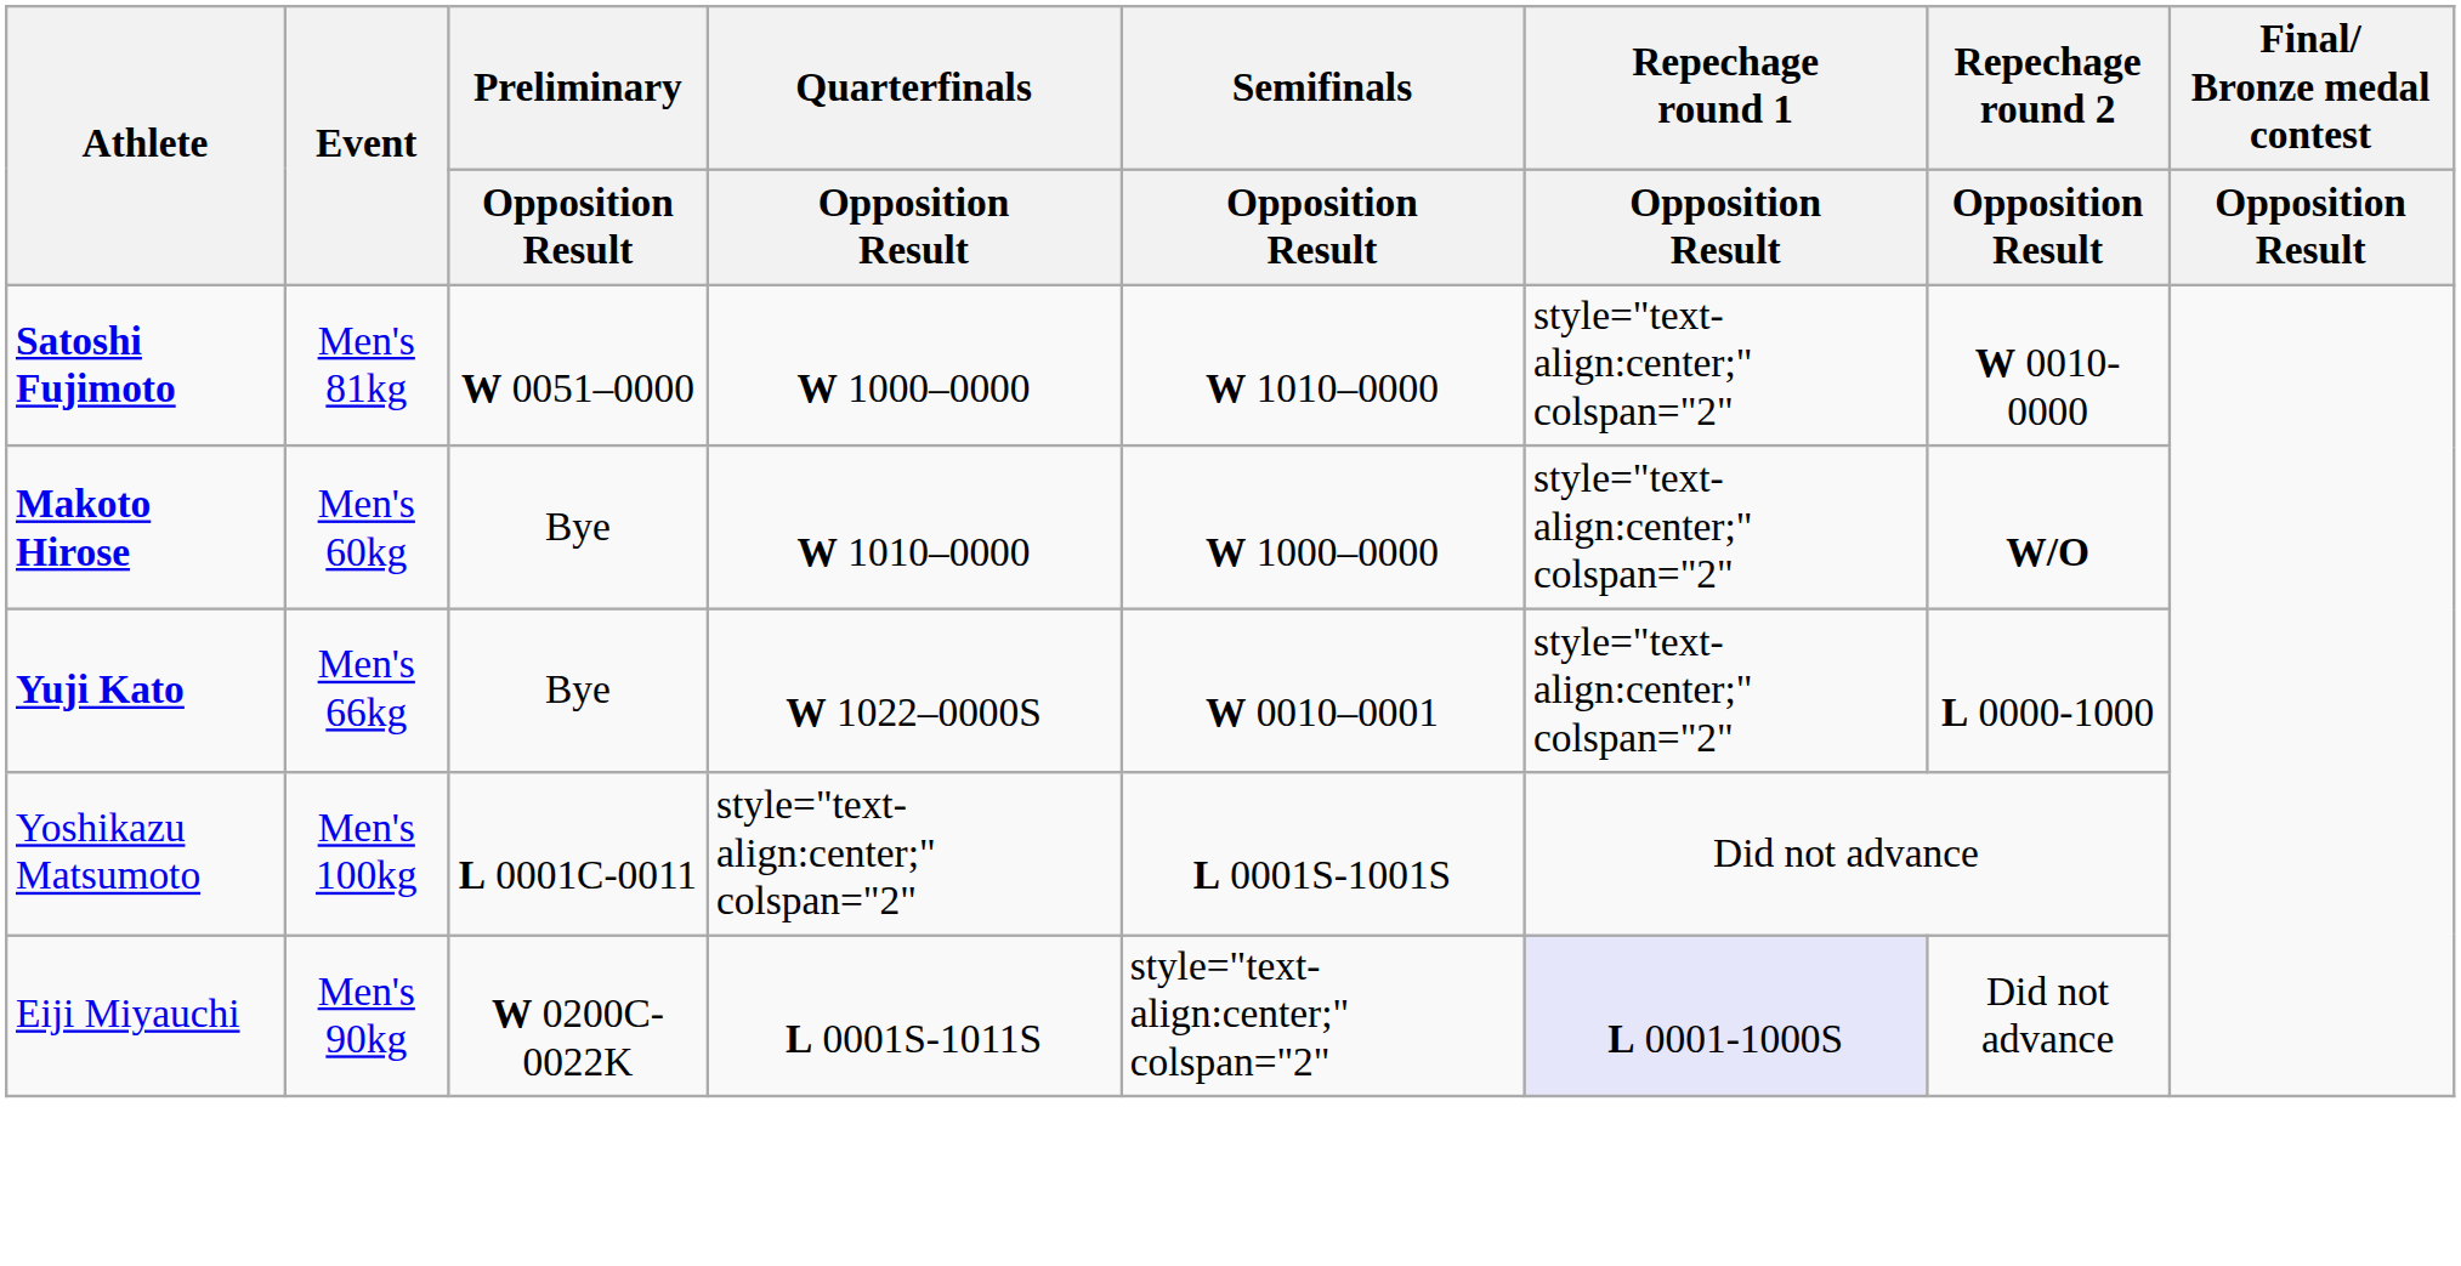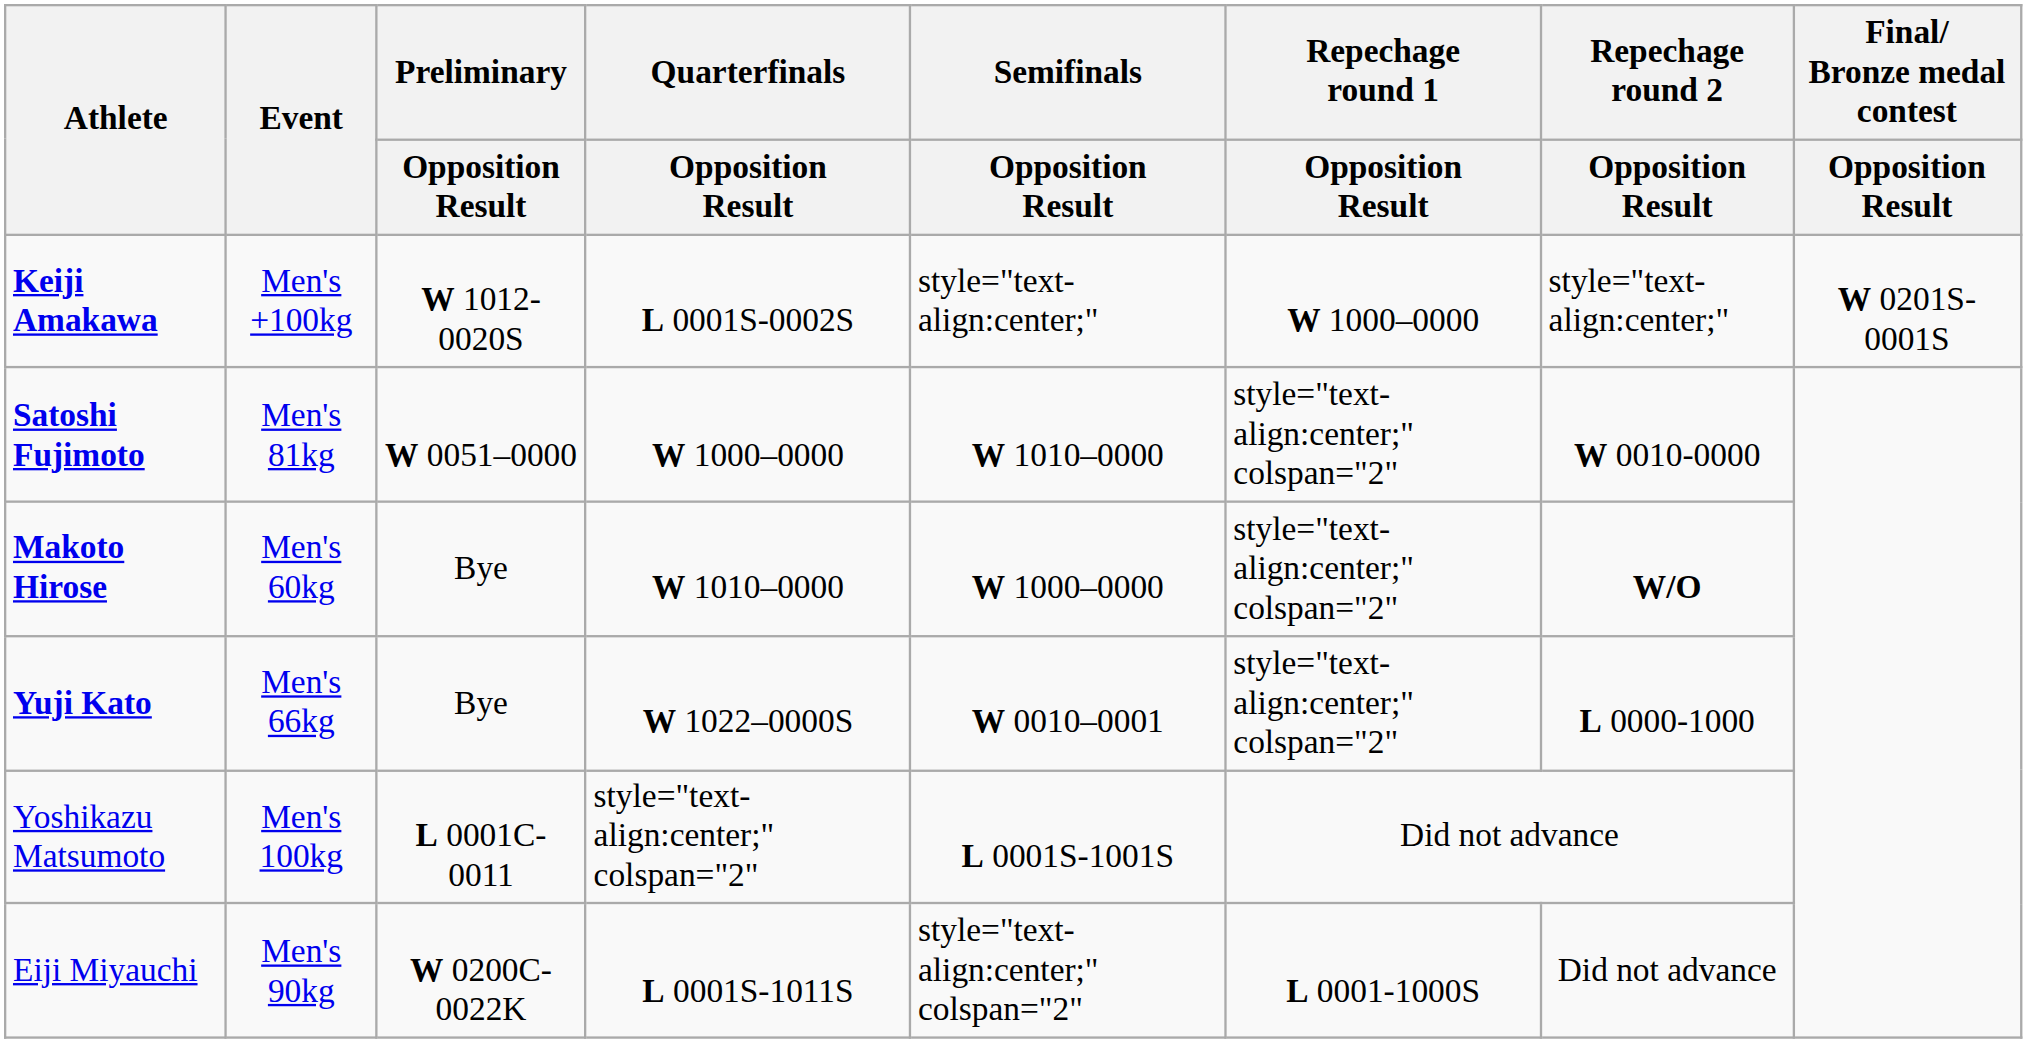 <table class=wikitable style="font-size:90%">
 <tr>
 <th rowspan="2">Athlete</th>
 <th rowspan="2">Event</th>
 <th>Preliminary</th>
 <th>Quarterfinals</th>
 <th>Semifinals</th>
 <th>Repechage <br>round 1</th>
 <th>Repechage <br>round 2</th>
 <th>Final/<br>Bronze medal contest</th>
 </tr>
 <tr>
 <th>Opposition<br>Result</th>
 <th>Opposition<br>Result</th>
 <th>Opposition<br>Result</th>
 <th>Opposition<br>Result</th>
 <th>Opposition<br>Result</th>
 <th>Opposition<br>Result</th>
+</tr>
+<tr>
+<td><strong><a href='#'>Keiji Amakawa</a></strong></td>
+<td style="text-align:center;"><a href='#'>Men's +100kg</a></td>
+<td style="text-align:center;"><br> <strong>W</strong> 1012-0020S</td>
+<td style="text-align:center;"><br> <strong>L</strong> 0001S-0002S</td>
+<td>style="text-align:center;" </td>
+<td style="text-align:center;"><br> <strong>W</strong> 1000–0000</td>
+<td>style="text-align:center;" </td>
+<td style="text-align:center;"><br> <strong>W</strong> 0201S-0001S </td>
 </tr>
 <tr>
 <td><strong><a href='#'>Satoshi Fujimoto</a></strong></td>
 <td style="text-align:center;"><a href='#'>Men's 81kg</a></td>
 <td style="text-align:center;"><br> <strong>W</strong> 0051–0000</td>
 <td style="text-align:center;"><br> <strong>W</strong> 1000–0000</td>
 <td style="text-align:center;"><br> <strong>W</strong> 1010–0000</td>
 <td>style="text-align:center;" colspan="2" </td>
 <td style="text-align:center;"><br> <strong>W</strong> 0010-0000 </td>
 </tr>
 <tr>
 <td><strong><a href='#'>Makoto Hirose</a></strong></td>
 <td style="text-align:center;"><a href='#'>Men's 60kg</a></td>
 <td style="text-align:center;">Bye</td>
 <td style="text-align:center;"><br> <strong>W</strong> 1010–0000</td>
 <td style="text-align:center;"><br> <strong>W</strong> 1000–0000</td>
 <td>style="text-align:center;" colspan="2" </td>
 <td style="text-align:center;"><br> <strong>W/O</strong> </td>
 </tr>
 <tr>
 <td><strong><a href='#'>Yuji Kato</a></strong></td>
 <td style="text-align:center;"><a href='#'>Men's 66kg</a></td>
 <td style="text-align:center;">Bye</td>
 <td style="text-align:center;"><br> <strong>W</strong> 1022–0000S</td>
 <td style="text-align:center;"><br> <strong>W</strong> 0010–0001</td>
 <td>style="text-align:center;" colspan="2" </td>
 <td style="text-align:center;"><br> <strong>L</strong> 0000-1000 </td>
 </tr>
 <tr>
 <td><a href='#'>Yoshikazu Matsumoto</a></td>
 <td style="text-align:center;"><a href='#'>Men's 100kg</a></td>
 <td style="text-align:center;"><br> <strong>L</strong> 0001C-0011</td>
 <td>style="text-align:center;" colspan="2" </td>
 <td style="text-align:center;"><br> <strong>L</strong> 0001S-1001S</td>
 <td style="text-align:center;" colspan="2">Did not advance</td>
 </tr>
 <tr>
 <td><a href='#'>Eiji Miyauchi</a></td>
 <td style="text-align:center;"><a href='#'>Men's 90kg</a></td>
 <td style="text-align:center;"><br> <strong>W</strong> 0200C-0022K</td>
 <td style="text-align:center;"><br> <strong>L</strong> 0001S-1011S</td>
 <td>style="text-align:center;" colspan="2" </td>
-<td style="background: lavender; text-align:center;"><br> <strong>L</strong> 0001-1000S</td>
+<td style="text-align:center;"><br> <strong>L</strong> 0001-1000S</td>
 <td style="text-align:center;">Did not advance</td>
 </tr>
 </table>
